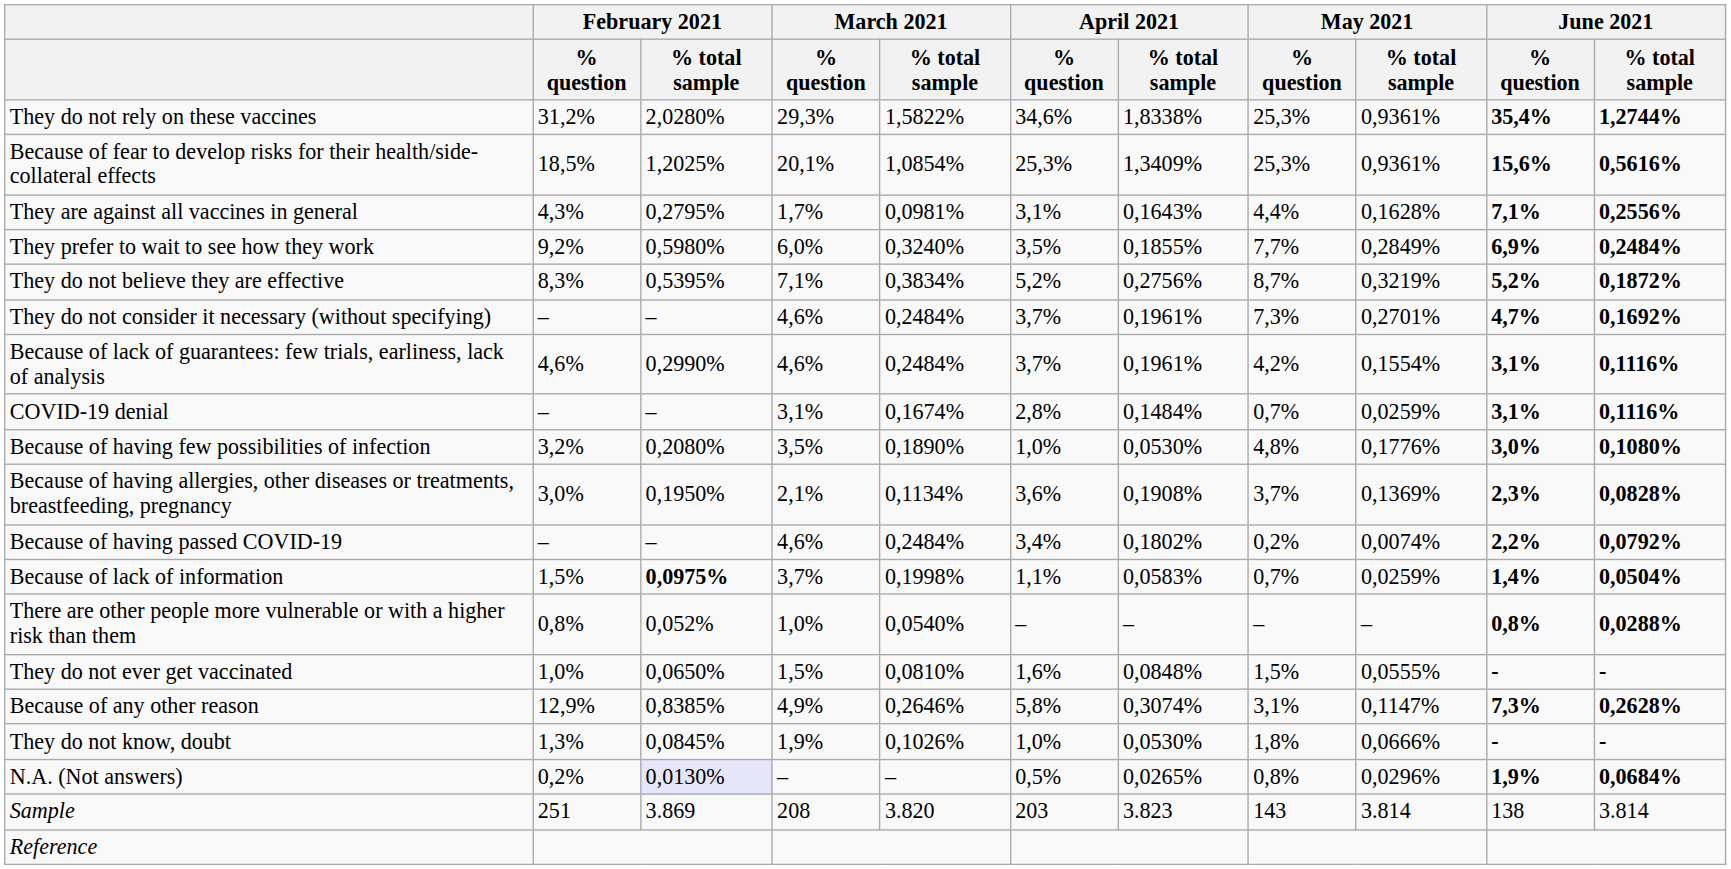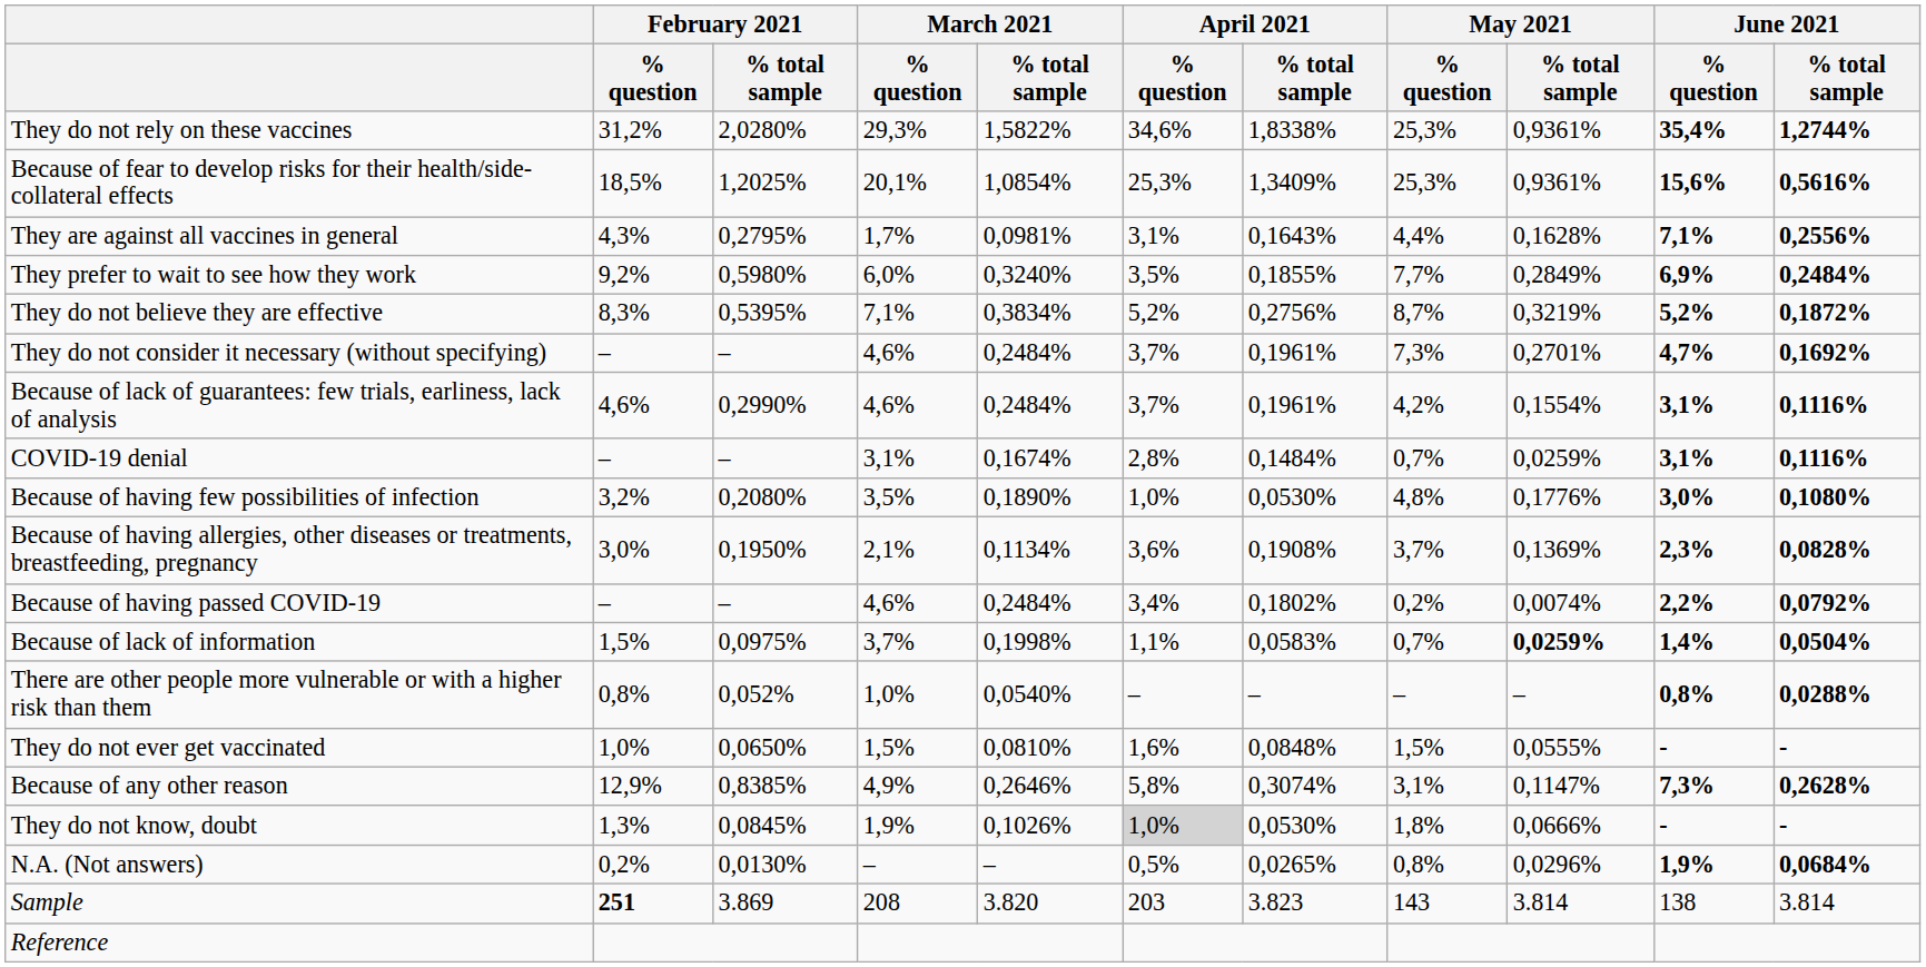 <table class="wikitable">
 <tr>
 <th></th>
 <th colspan="2">February 2021</th>
 <th colspan="2">March 2021</th>
 <th colspan="2">April 2021</th>
 <th colspan="2">May 2021</th>
 <th colspan="2">June 2021</th>
 </tr>
 <tr>
 <th></th>
 <th>% question</th>
 <th>% total sample</th>
 <th>% question</th>
 <th>% total sample</th>
 <th>% question</th>
 <th>% total sample</th>
 <th>% question</th>
 <th>% total sample</th>
 <th>% question</th>
 <th>% total sample</th>
 </tr>
 <tr>
 <td>They do not rely on these vaccines</td>
 <td>31,2%</td>
 <td>2,0280%</td>
 <td>29,3%</td>
 <td>1,5822%</td>
 <td>34,6%</td>
 <td>1,8338%</td>
 <td>25,3%</td>
 <td>0,9361%</td>
 <td><strong>35,4%</strong></td>
 <td><strong>1,2744%</strong></td>
 </tr>
 <tr>
 <td>Because of fear to develop risks for their health/side-collateral effects</td>
 <td>18,5%</td>
 <td>1,2025%</td>
 <td>20,1%</td>
 <td>1,0854%</td>
 <td>25,3%</td>
 <td>1,3409%</td>
 <td>25,3%</td>
 <td>0,9361%</td>
 <td><strong>15,6%</strong></td>
 <td><strong>0,5616%</strong></td>
 </tr>
 <tr>
 <td>They are against all vaccines in general</td>
 <td>4,3%</td>
 <td>0,2795%</td>
 <td>1,7%</td>
 <td>0,0981%</td>
 <td>3,1%</td>
 <td>0,1643%</td>
 <td>4,4%</td>
 <td>0,1628%</td>
 <td><strong>7,1%</strong></td>
 <td><strong>0,2556%</strong></td>
 </tr>
 <tr>
 <td>They prefer to wait to see how they work</td>
 <td>9,2%</td>
 <td>0,5980%</td>
 <td>6,0%</td>
 <td>0,3240%</td>
 <td>3,5%</td>
 <td>0,1855%</td>
 <td>7,7%</td>
 <td>0,2849%</td>
 <td><strong>6,9%</strong></td>
 <td><strong>0,2484%</strong></td>
 </tr>
 <tr>
 <td>They do not believe they are effective</td>
 <td>8,3%</td>
 <td>0,5395%</td>
 <td>7,1%</td>
 <td>0,3834%</td>
 <td>5,2%</td>
 <td>0,2756%</td>
 <td>8,7%</td>
 <td>0,3219%</td>
 <td><strong>5,2%</strong></td>
 <td><strong>0,1872%</strong></td>
 </tr>
 <tr>
 <td>They do not consider it necessary (without specifying)</td>
 <td>–</td>
 <td>–</td>
 <td>4,6%</td>
 <td>0,2484%</td>
 <td>3,7%</td>
 <td>0,1961%</td>
 <td>7,3%</td>
 <td>0,2701%</td>
 <td><strong>4,7%</strong></td>
 <td><strong>0,1692%</strong></td>
 </tr>
 <tr>
 <td>Because of lack of guarantees: few trials, earliness, lack of analysis</td>
 <td>4,6%</td>
 <td>0,2990%</td>
 <td>4,6%</td>
 <td>0,2484%</td>
 <td>3,7%</td>
 <td>0,1961%</td>
 <td>4,2%</td>
 <td>0,1554%</td>
 <td><strong>3,1%</strong></td>
 <td><strong>0,1116%</strong></td>
 </tr>
 <tr>
 <td>COVID-19 denial</td>
 <td>–</td>
 <td>–</td>
 <td>3,1%</td>
 <td>0,1674%</td>
 <td>2,8%</td>
 <td>0,1484%</td>
 <td>0,7%</td>
 <td>0,0259%</td>
 <td><strong>3,1%</strong></td>
 <td><strong>0,1116%</strong></td>
 </tr>
 <tr>
 <td>Because of having few possibilities of infection</td>
 <td>3,2%</td>
 <td>0,2080%</td>
 <td>3,5%</td>
 <td>0,1890%</td>
 <td>1,0%</td>
 <td>0,0530%</td>
 <td>4,8%</td>
 <td>0,1776%</td>
 <td><strong>3,0%</strong></td>
 <td><strong>0,1080%</strong></td>
 </tr>
 <tr>
 <td>Because of having allergies, other diseases or treatments, breastfeeding, pregnancy</td>
 <td>3,0%</td>
 <td>0,1950%</td>
 <td>2,1%</td>
 <td>0,1134%</td>
 <td>3,6%</td>
 <td>0,1908%</td>
 <td>3,7%</td>
 <td>0,1369%</td>
 <td><strong>2,3%</strong></td>
 <td><strong>0,0828%</strong></td>
 </tr>
 <tr>
 <td>Because of having passed COVID-19</td>
 <td>–</td>
 <td>–</td>
 <td>4,6%</td>
 <td>0,2484%</td>
 <td>3,4%</td>
 <td>0,1802%</td>
 <td>0,2%</td>
 <td>0,0074%</td>
 <td><strong>2,2%</strong></td>
 <td><strong>0,0792%</strong></td>
 </tr>
 <tr>
 <td>Because of lack of information</td>
 <td>1,5%</td>
-<td><strong>0,0975%</strong></td>
+<td>0,0975%</td>
 <td>3,7%</td>
 <td>0,1998%</td>
 <td>1,1%</td>
 <td>0,0583%</td>
 <td>0,7%</td>
-<td>0,0259%</td>
+<td><strong>0,0259%</strong></td>
 <td><strong>1,4%</strong></td>
 <td><strong>0,0504%</strong></td>
 </tr>
 <tr>
 <td>There are other people more vulnerable or with a higher risk than them</td>
 <td>0,8%</td>
 <td>0,052%</td>
 <td>1,0%</td>
 <td>0,0540%</td>
 <td>–</td>
 <td>–</td>
 <td>–</td>
 <td>–</td>
 <td><strong>0,8%</strong></td>
 <td><strong>0,0288%</strong></td>
 </tr>
 <tr>
 <td>They do not ever get vaccinated</td>
 <td>1,0%</td>
 <td>0,0650%</td>
 <td>1,5%</td>
 <td>0,0810%</td>
 <td>1,6%</td>
 <td>0,0848%</td>
 <td>1,5%</td>
 <td>0,0555%</td>
 <td><strong>-</strong></td>
 <td><strong>-</strong></td>
 </tr>
 <tr>
 <td>Because of any other reason</td>
 <td>12,9%</td>
 <td>0,8385%</td>
 <td>4,9%</td>
 <td>0,2646%</td>
 <td>5,8%</td>
 <td>0,3074%</td>
 <td>3,1%</td>
 <td>0,1147%</td>
 <td><strong>7,3%</strong></td>
 <td><strong>0,2628%</strong></td>
 </tr>
 <tr>
 <td>They do not know, doubt</td>
 <td>1,3%</td>
 <td>0,0845%</td>
 <td>1,9%</td>
 <td>0,1026%</td>
-<td>1,0%</td>
+<td style="background: lightgrey;">1,0%</td>
 <td>0,0530%</td>
 <td>1,8%</td>
 <td>0,0666%</td>
 <td><strong>-</strong></td>
 <td><strong>-</strong></td>
 </tr>
 <tr>
 <td>N.A. (Not answers)</td>
 <td>0,2%</td>
-<td style="background: lavender;">0,0130%</td>
+<td>0,0130%</td>
 <td>–</td>
 <td>–</td>
 <td>0,5%</td>
 <td>0,0265%</td>
 <td>0,8%</td>
 <td>0,0296%</td>
 <td><strong>1,9%</strong></td>
 <td><strong>0,0684%</strong></td>
 </tr>
 <tr>
 <td><em>Sample</em></td>
-<td>251</td>
+<td><strong>251</strong></td>
 <td>3.869</td>
 <td>208</td>
 <td>3.820</td>
 <td>203</td>
 <td>3.823</td>
 <td>143</td>
 <td>3.814</td>
 <td>138</td>
 <td>3.814</td>
 </tr>
 <tr>
 <td><em>Reference</em></td>
 <td colspan="2"></td>
 <td colspan="2"></td>
 <td colspan="2"></td>
 <td colspan="2"></td>
 <td colspan="2"></td>
 </tr>
 </table>
